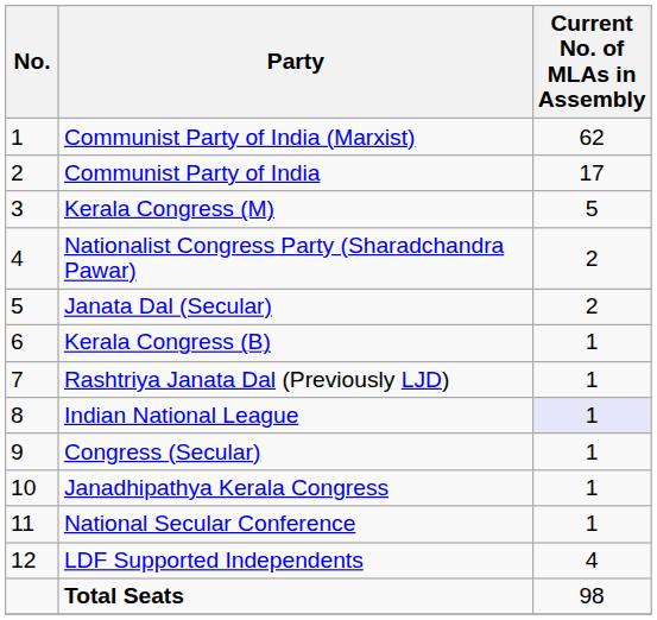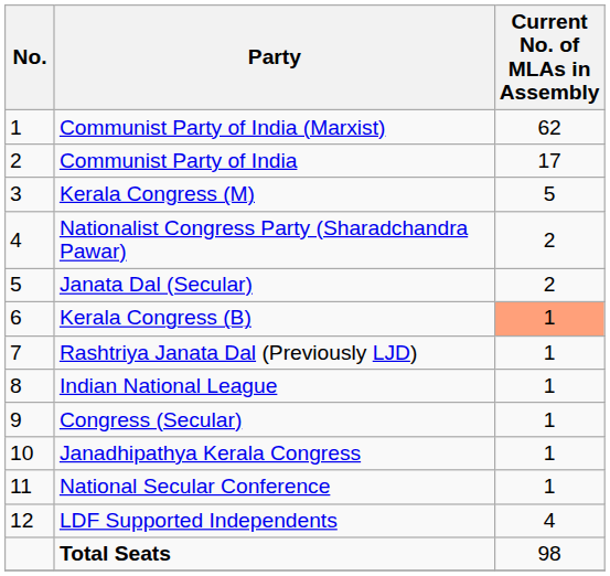 <table class="wikitable sortable">
 <tr>
 <th style="width:30px;">No.</th>
 <th style="width:325px;">Party</th>
 <th style="width:50px;">Current No. of MLAs in Assembly</th>
 </tr>
 <tr>
 <td style="background-color:">1</td>
 <td><a href='#'>Communist Party of India (Marxist)</a></td>
 <td style="text-align: center;">62</td>
 </tr>
 <tr>
 <td style="background-color:">2</td>
 <td><a href='#'>Communist Party of India</a></td>
 <td style="text-align: center;">17</td>
 </tr>
 <tr>
 <td style="background-color:">3</td>
 <td><a href='#'>Kerala Congress (M)</a></td>
 <td style="text-align: center;">5</td>
 </tr>
 <tr>
 <td style="background-color:">4</td>
 <td><a href='#'>Nationalist Congress Party (Sharadchandra Pawar)</a></td>
 <td style="text-align: center;">2</td>
 </tr>
 <tr>
 <td style="background-color:">5</td>
 <td><a href='#'>Janata Dal (Secular)</a></td>
 <td style="text-align: center;">2</td>
 </tr>
 <tr>
 <td style="background-color:">6</td>
 <td><a href='#'>Kerala Congress (B)</a></td>
-<td style="text-align: center;">1</td>
+<td style="background: lightsalmon; text-align: center;">1</td>
 </tr>
 <tr>
 <td style="background-color:">7</td>
 <td><a href='#'>Rashtriya Janata Dal</a> (Previously <a href='#'>LJD</a>)</td>
 <td style="text-align: center;">1</td>
 </tr>
 <tr>
 <td style="background-color:">8</td>
 <td><a href='#'>Indian National League</a></td>
-<td style="background: lavender; text-align: center;">1</td>
+<td style="text-align: center;">1</td>
 </tr>
 <tr>
 <td style="background-color:">9</td>
 <td><a href='#'>Congress (Secular)</a></td>
 <td style="text-align: center;">1</td>
 </tr>
 <tr>
 <td style="background-color:">10</td>
 <td><a href='#'>Janadhipathya Kerala Congress</a></td>
 <td style="text-align: center;">1</td>
 </tr>
 <tr>
 <td style="background-color:">11</td>
 <td><a href='#'>National Secular Conference</a></td>
 <td style="text-align: center;">1</td>
 </tr>
 <tr>
 <td style="background-color:">12</td>
 <td><a href='#'>LDF Supported Independents</a></td>
 <td style="text-align: center;">4</td>
 </tr>
 <tr>
 <td></td>
 <td><strong>Total Seats</strong></td>
 <td style="text-align: center;">98</td>
 </tr>
 <tr>
 </tr>
 </table>
